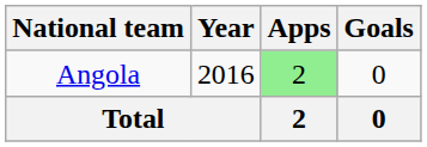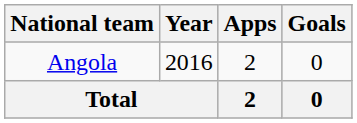 <table class="wikitable" style="text-align:center">
 <tr>
 <th>National team</th>
 <th>Year</th>
 <th>Apps</th>
 <th>Goals</th>
 </tr>
 <tr>
 <td rowspan="1"><a href='#'>Angola</a></td>
 <td>2016</td>
-<td style="background: lightgreen;">2</td>
+<td>2</td>
 <td>0</td>
 </tr>
 <tr>
 <th colspan=2>Total</th>
 <th>2</th>
 <th>0</th>
 </tr>
 </table>
